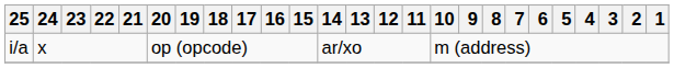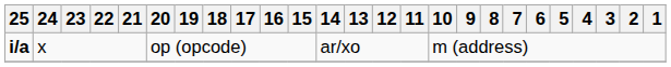 <table class="wikitable">
 <tr>
 <th>25</th>
 <th>24</th>
 <th>23</th>
 <th>22</th>
 <th>21</th>
 <th>20</th>
 <th>19</th>
 <th>18</th>
 <th>17</th>
 <th>16</th>
 <th>15</th>
 <th>14</th>
 <th>13</th>
 <th>12</th>
 <th>11</th>
 <th>10</th>
 <th> 9</th>
 <th> 8</th>
 <th> 7</th>
 <th> 6</th>
 <th> 5</th>
 <th> 4</th>
 <th> 3</th>
 <th> 2</th>
 <th> 1</th>
 </tr>
 <tr>
-<td>i/a</td>
+<td><strong>i/a</strong></td>
 <td colspan=4>x</td>
 <td colspan=6>op (opcode)</td>
 <td colspan=4>ar/xo</td>
 <td colspan=10>m (address)</td>
 </tr>
 <tr>
 </tr>
 </table>
